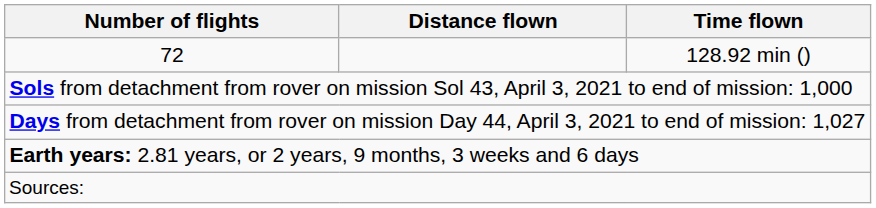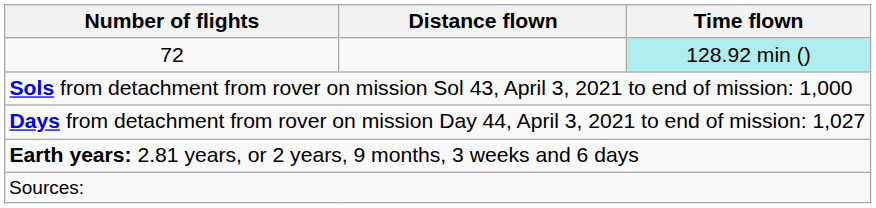 <table class="wikitable" style="text-align:center">
 <tr>
 <th>Number of flights</th>
 <th>Distance flown</th>
 <th>Time flown</th>
 </tr>
 <tr>
 <td>72</td>
 <td></td>
-<td>128.92 min ()</td>
+<td style="background: paleturquoise;">128.92 min ()</td>
 </tr>
 <tr>
 <td colspan=6 style="text-align:left;"><a href='#'><strong>Sols</strong></a> from detachment from rover on mission Sol 43, April 3, 2021 to end of mission: 1,000</td>
 </tr>
 <tr>
 <td colspan=6 style="text-align:left;"><strong><a href='#'>Days</a></strong> from detachment from rover on mission Day 44, April 3, 2021 to end of mission: 1,027</td>
 </tr>
 <tr>
 <td colspan=6 style="text-align:left;"><strong>Earth years:</strong> 2.81 years, or 2 years, 9 months, 3 weeks and 6 days</td>
 </tr>
 <tr>
 <td colspan=6 style="font-size:90%; text-align:left;">Sources:</td>
 </tr>
 </table>
